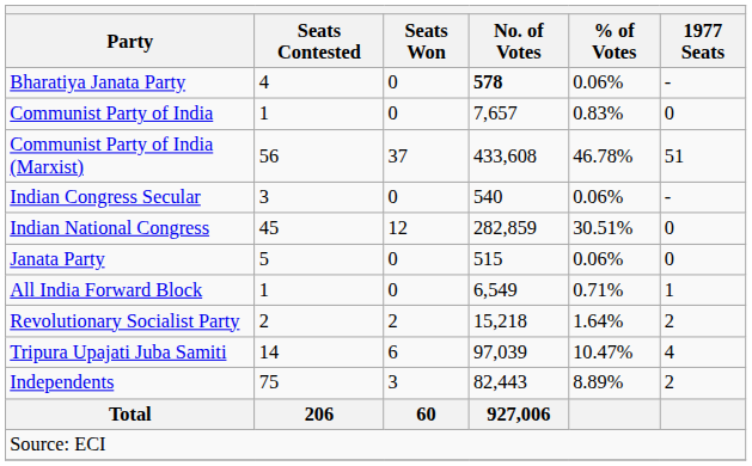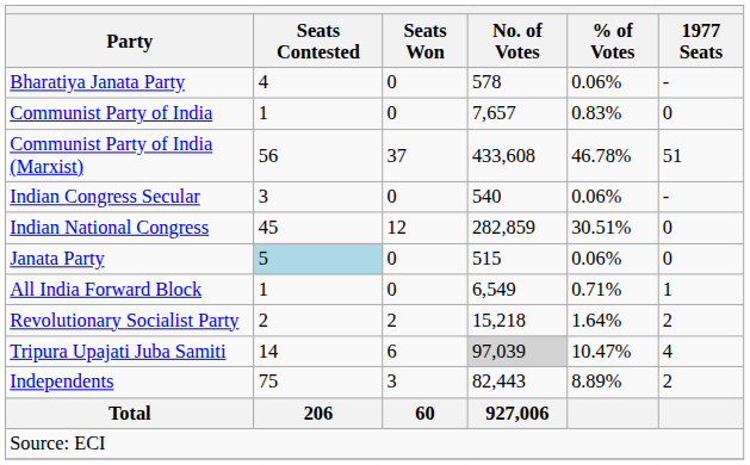 <table class="wikitable sortable">
 <tr>
 <th colspan=10></th>
 </tr>
 <tr>
 <th>Party</th>
 <th>Seats Contested</th>
 <th>Seats Won</th>
 <th>No. of Votes</th>
 <th>% of Votes</th>
 <th>1977 Seats</th>
 </tr>
 <tr>
 <td><a href='#'>Bharatiya Janata Party</a></td>
 <td>4</td>
 <td>0</td>
-<td><strong>578</strong></td>
+<td>578</td>
 <td>0.06%</td>
 <td>-</td>
 </tr>
 <tr>
 <td><a href='#'>Communist Party of India</a></td>
 <td>1</td>
 <td>0</td>
 <td>7,657</td>
 <td>0.83%</td>
 <td>0</td>
 </tr>
 <tr>
 <td><a href='#'>Communist Party of India (Marxist)</a></td>
 <td>56</td>
 <td>37</td>
 <td>433,608</td>
 <td>46.78%</td>
 <td>51</td>
 </tr>
 <tr>
 <td><a href='#'>Indian Congress Secular</a></td>
 <td>3</td>
 <td>0</td>
 <td>540</td>
 <td>0.06%</td>
 <td>-</td>
 </tr>
 <tr>
 <td><a href='#'>Indian National Congress</a></td>
 <td>45</td>
 <td>12</td>
 <td>282,859</td>
 <td>30.51%</td>
 <td>0</td>
 </tr>
 <tr>
 <td><a href='#'>Janata Party</a></td>
-<td>5</td>
+<td style="background: lightblue;">5</td>
 <td>0</td>
 <td>515</td>
 <td>0.06%</td>
 <td>0</td>
 </tr>
 <tr>
 <td><a href='#'>All India Forward Block</a></td>
 <td>1</td>
 <td>0</td>
 <td>6,549</td>
 <td>0.71%</td>
 <td>1</td>
 </tr>
 <tr>
 <td><a href='#'>Revolutionary Socialist Party</a></td>
 <td>2</td>
 <td>2</td>
 <td>15,218</td>
 <td>1.64%</td>
 <td>2</td>
 </tr>
 <tr>
 <td><a href='#'>Tripura Upajati Juba Samiti</a></td>
 <td>14</td>
 <td>6</td>
-<td>97,039</td>
+<td style="background: lightgrey;">97,039</td>
 <td>10.47%</td>
 <td>4</td>
 </tr>
 <tr>
 <td><a href='#'>Independents</a></td>
 <td>75</td>
 <td>3</td>
 <td>82,443</td>
 <td>8.89%</td>
 <td>2</td>
 </tr>
 <tr>
 <th>Total</th>
 <th>206</th>
 <th>60</th>
 <th>927,006</th>
 <th></th>
 <th></th>
 </tr>
 <tr>
 <td colspan=10>Source: ECI</td>
 </tr>
 <tr>
 </tr>
 </table>
